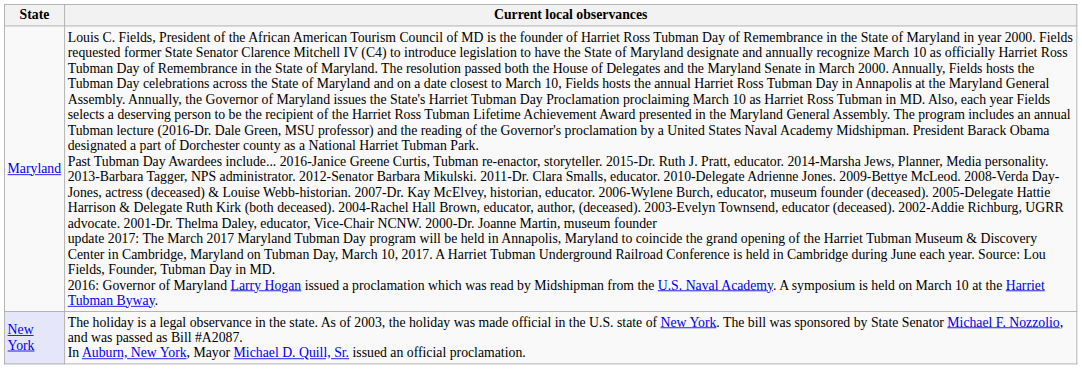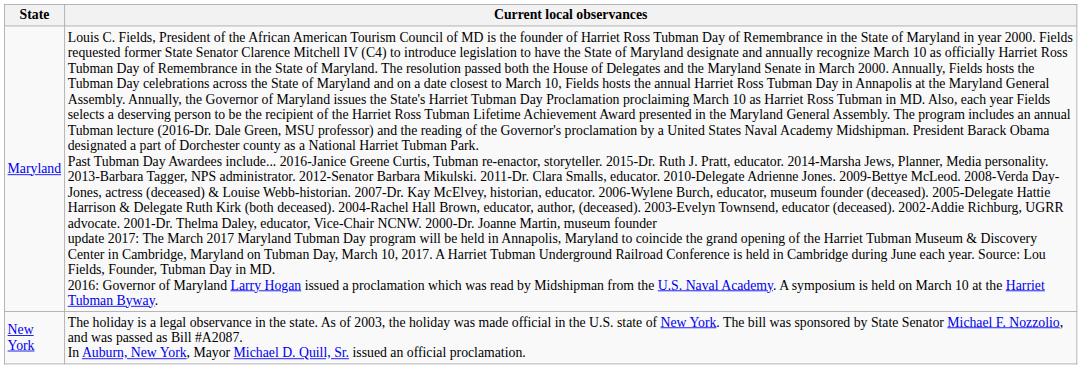 <table class="wikitable">
 <tr>
 <th colspan=1>State</th>
 <th>Current local observances</th>
 </tr>
 <tr>
 <td><a href='#'>Maryland</a></td>
 <td>Louis C. Fields, President of the African American Tourism Council of MD is the founder of Harriet Ross Tubman Day of Remembrance in the State of Maryland in year 2000. Fields requested former State Senator Clarence Mitchell IV (C4) to introduce legislation to have the State of Maryland designate and annually recognize March 10 as officially Harriet Ross Tubman Day of Remembrance in the State of Maryland. The resolution passed both the House of Delegates and the Maryland Senate in March 2000. Annually, Fields hosts the Tubman Day celebrations across the State of Maryland and on a date closest to March 10, Fields hosts the annual Harriet Ross Tubman Day in Annapolis at the Maryland General Assembly. Annually, the Governor of Maryland issues the State's Harriet Tubman Day Proclamation proclaiming March 10 as Harriet Ross Tubman in MD.  Also, each year Fields selects a deserving person to be the recipient of the Harriet Ross Tubman Lifetime Achievement Award presented in the Maryland General Assembly.  The program includes an annual Tubman lecture (2016-Dr. Dale Green, MSU professor) and the reading of the Governor's proclamation by a United States Naval Academy Midshipman. President Barack Obama designated a part of Dorchester county as a National Harriet Tubman Park.<br>Past Tubman Day Awardees include... 2016-Janice Greene Curtis, Tubman re-enactor, storyteller. 2015-Dr. Ruth J. Pratt, educator. 2014-Marsha Jews, Planner, Media personality. 2013-Barbara Tagger, NPS administrator. 2012-Senator Barbara Mikulski. 2011-Dr. Clara Smalls, educator. 2010-Delegate Adrienne Jones. 2009-Bettye McLeod. 2008-Verda Day-Jones, actress (deceased) & Louise Webb-historian. 2007-Dr. Kay McElvey, historian, educator. 2006-Wylene Burch, educator, museum founder (deceased). 2005-Delegate Hattie Harrison & Delegate Ruth Kirk (both deceased). 2004-Rachel Hall Brown, educator, author, (deceased). 2003-Evelyn Townsend, educator (deceased). 2002-Addie Richburg, UGRR advocate. 2001-Dr. Thelma Daley, educator, Vice-Chair NCNW. 2000-Dr. Joanne Martin, museum founder<br>update 2017:  The March 2017 Maryland Tubman Day program will be held in Annapolis, Maryland to coincide the grand opening of the Harriet Tubman Museum & Discovery Center in Cambridge, Maryland on Tubman Day, March 10, 2017.  A Harriet Tubman Underground Railroad Conference is held in Cambridge during June each year. Source: Lou Fields, Founder, Tubman Day in MD.<br>2016:  Governor of Maryland <a href='#'>Larry Hogan</a> issued a proclamation which was read by Midshipman from the <a href='#'>U.S. Naval Academy</a>.  A symposium is held on March 10 at the <a href='#'>Harriet Tubman Byway</a>.</td>
 </tr>
 <tr>
-<td style="background: lavender;"><a href='#'>New York</a></td>
+<td><a href='#'>New York</a></td>
 <td>The holiday is a legal observance in the state.  As of 2003, the holiday was made official in the U.S. state of <a href='#'>New York</a>.  The bill was sponsored by State Senator  <a href='#'>Michael F. Nozzolio</a>, and was passed as Bill #A2087.<br>In <a href='#'>Auburn, New York</a>, Mayor <a href='#'>Michael D. Quill, Sr.</a> issued an official proclamation.</td>
 </tr>
 </table>
